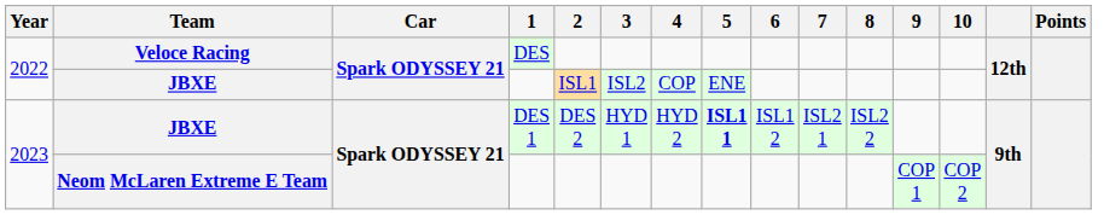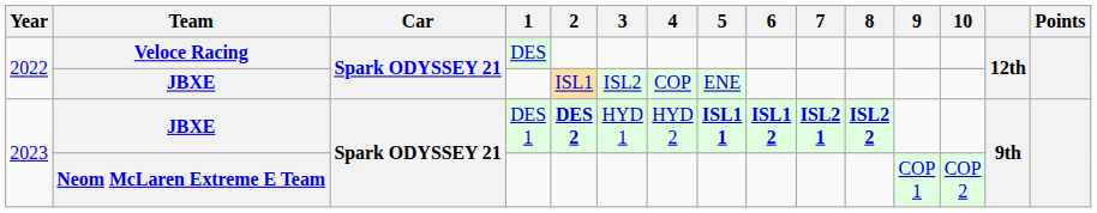 <table class="wikitable" style="text-align:center; font-size:90%">
 <tr>
 <th>Year</th>
 <th>Team</th>
 <th>Car</th>
 <th>1</th>
 <th>2</th>
 <th>3</th>
 <th>4</th>
 <th>5</th>
 <th>6</th>
 <th>7</th>
 <th>8</th>
 <th>9</th>
 <th>10</th>
 <th></th>
 <th>Points</th>
 </tr>
 <tr>
 <td rowspan="2"><a href='#'>2022</a></td>
 <th><a href='#'>Veloce Racing</a></th>
 <th rowspan="2"><a href='#'>Spark ODYSSEY 21</a></th>
 <td style="background:#DFFFDF;"><a href='#'>DES</a><br></td>
 <td></td>
 <td></td>
 <td></td>
 <td></td>
 <td></td>
 <td></td>
 <td></td>
 <td></td>
 <td></td>
 <th rowspan="2">12th</th>
 <th rowspan="2"></th>
 </tr>
 <tr>
 <th><a href='#'>JBXE</a></th>
 <td></td>
 <td style="background:#FFDF9F;"><a href='#'>ISL1</a><br></td>
 <td style="background:#DFFFDF;"><a href='#'>ISL2</a><br></td>
 <td style="background:#DFFFDF;"><a href='#'>COP</a><br></td>
 <td style="background:#DFFFDF;"><a href='#'>ENE</a><br></td>
 <td></td>
 <td></td>
 <td></td>
 <td></td>
 <td></td>
 </tr>
 <tr>
 <td rowspan="2"><a href='#'>2023</a></td>
 <th><a href='#'>JBXE</a></th>
 <th rowspan="2">Spark ODYSSEY 21</th>
 <td style="background:#DFFFDF;"><a href='#'>DES<br>1</a><br></td>
-<td style="background:#DFFFDF;"><a href='#'>DES<br>2</a><br></td>
+<td style="background:#DFFFDF;"><strong><a href='#'>DES<br>2</a><br></strong></td>
 <td style="background:#DFFFDF;"><a href='#'>HYD<br>1</a><br></td>
 <td style="background:#DFFFDF;"><a href='#'>HYD<br>2</a><br></td>
 <td style="background:#DFFFDF;"><strong><a href='#'>ISL1<br>1</a><br></strong></td>
-<td style="background:#DFFFDF;"><a href='#'>ISL1<br>2</a><br></td>
-<td style="background:#DFFFDF;"><a href='#'>ISL2<br>1</a><br></td>
-<td style="background:#DFFFDF;"><a href='#'>ISL2<br>2</a><br></td>
+<td style="background:#DFFFDF;"><strong><a href='#'>ISL1<br>2</a><br></strong></td>
+<td style="background:#DFFFDF;"><strong><a href='#'>ISL2<br>1</a><br></strong></td>
+<td style="background:#DFFFDF;"><strong><a href='#'>ISL2<br>2</a><br></strong></td>
 <td></td>
 <td></td>
 <th rowspan="2">9th</th>
 <th rowspan="2"></th>
 </tr>
 <tr>
 <th><a href='#'>Neom</a> <a href='#'>McLaren Extreme E Team</a></th>
 <td></td>
 <td></td>
 <td></td>
 <td></td>
 <td></td>
 <td></td>
 <td></td>
 <td></td>
 <td style="background:#DFFFDF;"><a href='#'>COP<br>1</a><br></td>
 <td style="background:#DFFFDF;"><a href='#'>COP<br>2</a><br></td>
 </tr>
 </table>
